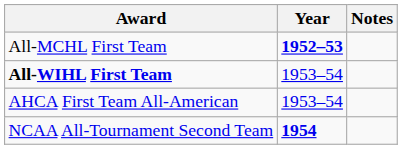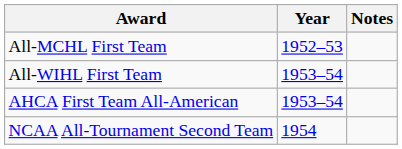 <table class="wikitable">
 <tr>
 <th>Award</th>
 <th>Year</th>
 <th>Notes</th>
 </tr>
 <tr>
 <td>All-<a href='#'>MCHL</a> <a href='#'>First Team</a></td>
-<td><strong><a href='#'>1952–53</a></strong></td>
+<td><a href='#'>1952–53</a></td>
 <td></td>
 </tr>
 <tr>
-<td><strong>All-<a href='#'>WIHL</a> <a href='#'>First Team</a></strong></td>
+<td>All-<a href='#'>WIHL</a> <a href='#'>First Team</a></td>
 <td><a href='#'>1953–54</a></td>
 <td></td>
 </tr>
 <tr>
 <td><a href='#'>AHCA</a> <a href='#'>First Team All-American</a></td>
 <td><a href='#'>1953–54</a></td>
 <td></td>
 </tr>
 <tr>
 <td><a href='#'>NCAA</a> <a href='#'>All-Tournament Second Team</a></td>
-<td><strong><a href='#'>1954</a></strong></td>
+<td><a href='#'>1954</a></td>
 <td></td>
 </tr>
 </table>
